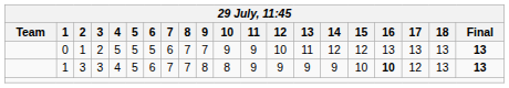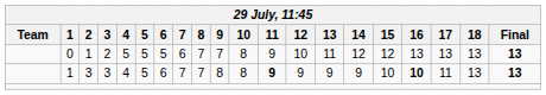 <table class=wikitable style="text-align:center; width: 55%">
 <tr>
 <th colspan=20><em>29 July, 11:45</em></th>
 </tr>
 <tr>
 <th>Team</th>
 <th>1</th>
 <th>2</th>
 <th>3</th>
 <th>4</th>
 <th>5</th>
 <th>6</th>
 <th>7</th>
 <th>8</th>
 <th>9</th>
 <th>10</th>
 <th>11</th>
 <th>12</th>
 <th>13</th>
 <th>14</th>
 <th>15</th>
 <th>16</th>
 <th>17</th>
 <th>18</th>
 <th>Final</th>
 </tr>
 <tr>
 <td align=left></td>
 <td>0</td>
 <td>1</td>
 <td>2</td>
 <td>5</td>
 <td>5</td>
 <td>5</td>
 <td>6</td>
 <td>7</td>
 <td>7</td>
-<td>9</td>
+<td>8</td>
 <td>9</td>
 <td>10</td>
 <td>11</td>
 <td>12</td>
 <td>12</td>
 <td>13</td>
 <td>13</td>
 <td>13</td>
 <td><strong>13</strong></td>
 </tr>
 <tr>
 <td align=left></td>
 <td>1</td>
 <td>3</td>
 <td>3</td>
 <td>4</td>
 <td>5</td>
 <td>6</td>
 <td>7</td>
 <td>7</td>
 <td>8</td>
 <td>8</td>
-<td>9</td>
+<td><strong>9</strong></td>
 <td>9</td>
 <td>9</td>
 <td>9</td>
 <td>10</td>
 <td><strong>10</strong></td>
-<td>12</td>
+<td>11</td>
 <td>13</td>
 <td><strong>13</strong></td>
 </tr>
 <tr>
 <td colspan=20></td>
 </tr>
 </table>
